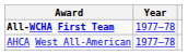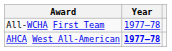 <table class="wikitable">
 <tr>
 <th>Award</th>
 <th>Year</th>
 <th></th>
 </tr>
 <tr>
-<td><strong>All-<a href='#'>WCHA</a> <a href='#'>First Team</a></strong></td>
+<td>All-<a href='#'>WCHA</a> <a href='#'>First Team</a></td>
 <td><a href='#'>1977–78</a></td>
 <td></td>
 </tr>
 <tr>
 <td><a href='#'>AHCA</a> <a href='#'>West All-American</a></td>
-<td><a href='#'>1977–78</a></td>
+<td><strong><a href='#'>1977–78</a></strong></td>
 <td></td>
 </tr>
 </table>
